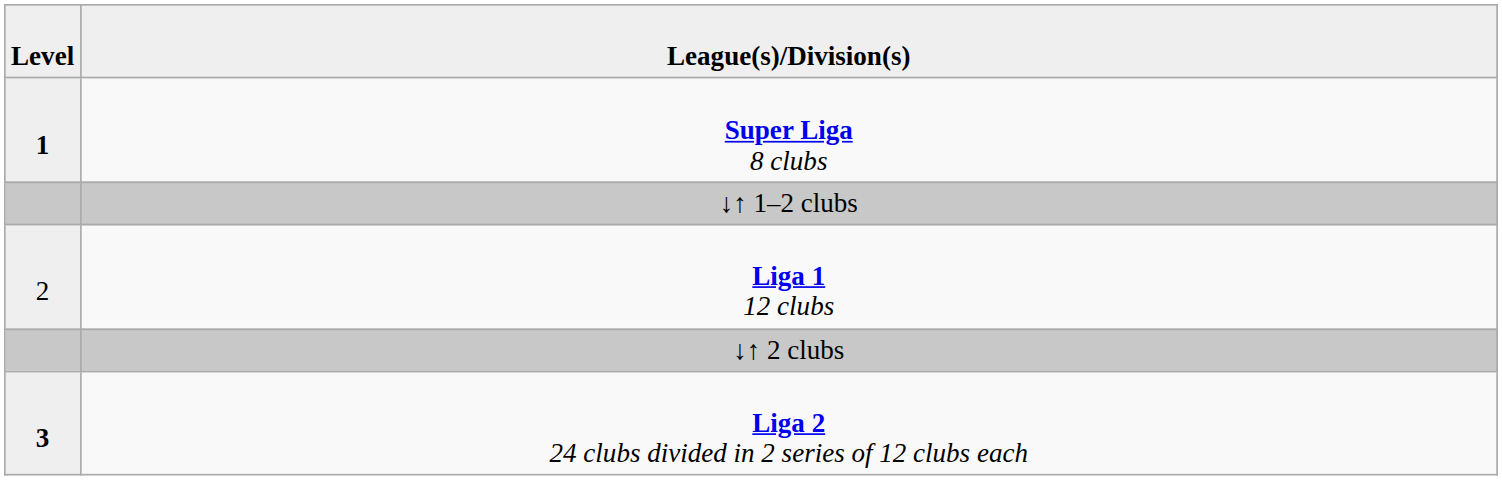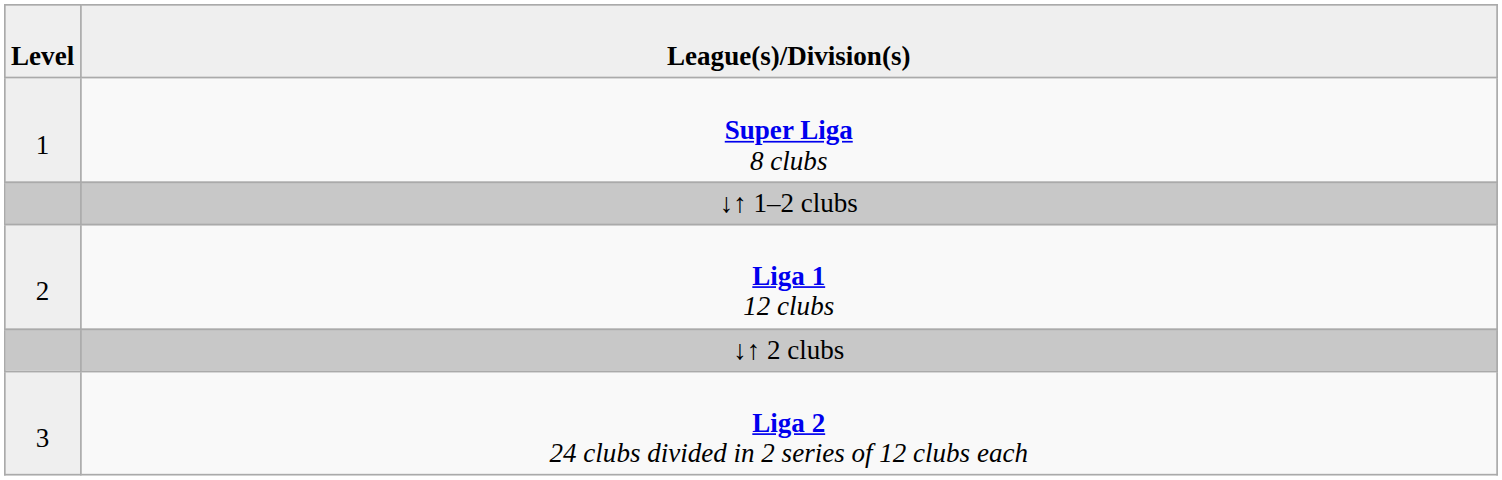 <table class="wikitable" style="text-align:center; width:100%;">
 <tr style="background:#efefef;">
 <td style="width:4%; text-align:center;"><br><strong>Level</strong></td>
 <td colspan="6"  style="width:96%; text-align:center;"><br><strong>League(s)/Division(s)</strong></td>
 </tr>
 <tr>
-<td style="text-align:center; width:4%; background:#efefef;"><strong><br>1</strong></td>
+<td style="text-align:center; width:4%; background:#efefef;"><br>1</td>
 <td colspan="6"  style="width:96%; text-align:center;"><br><strong><a href='#'>Super Liga</a></strong><br> <em>8 clubs</em><br></td>
 </tr>
 <tr style="background:#c8c8c8">
 <td style="width:4%;"></td>
 <td colspan="9" style="width:96%;">↓↑ 1–2 clubs</td>
 </tr>
 <tr>
 <td style="text-align:center; width:4%; background:#efefef;"><br>2</td>
 <td colspan="6"  style="width:96%; text-align:center;"><br><strong><a href='#'>Liga 1</a></strong><br> <em>12 clubs</em><br></td>
 </tr>
 <tr style="background:#c8c8c8">
 <td style="width:4%;"></td>
 <td colspan="6" style="width:96%;">↓↑ 2 clubs</td>
 </tr>
 <tr>
-<td style="text-align:center; width:4%; background:#efefef;"><strong><br>3</strong></td>
+<td style="text-align:center; width:4%; background:#efefef;"><br>3</td>
 <td colspan="6" style="width:96%; text-align:center;"><br><strong><a href='#'>Liga 2</a></strong><br> <em>24 clubs divided in 2 series of 12 clubs each</em></td>
 </tr>
 </table>
